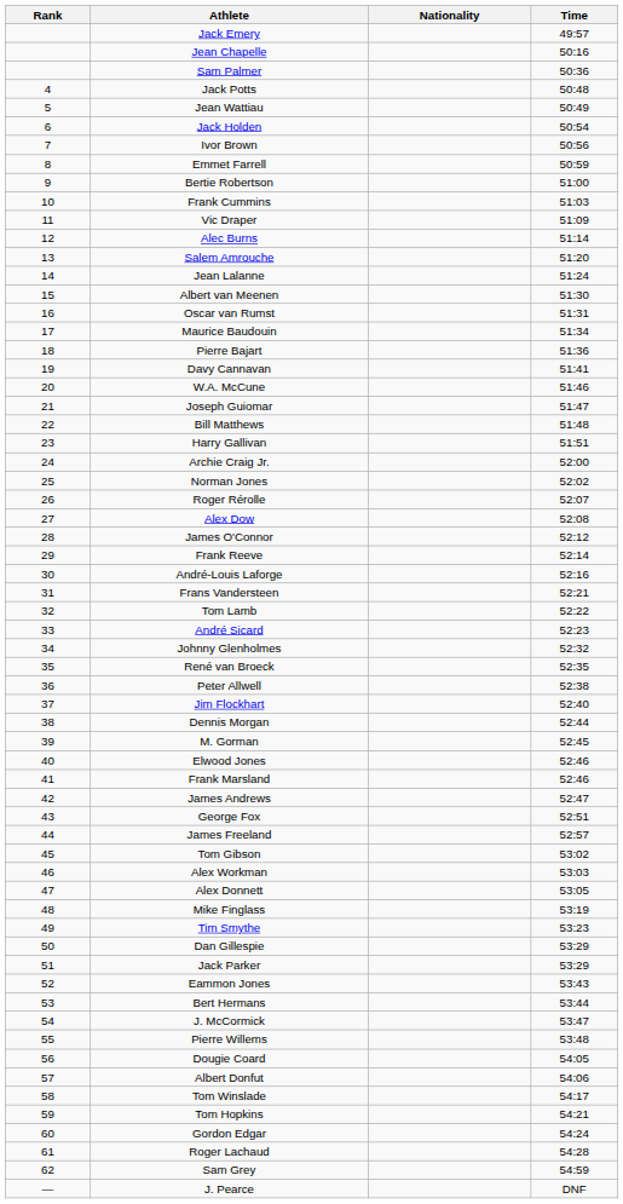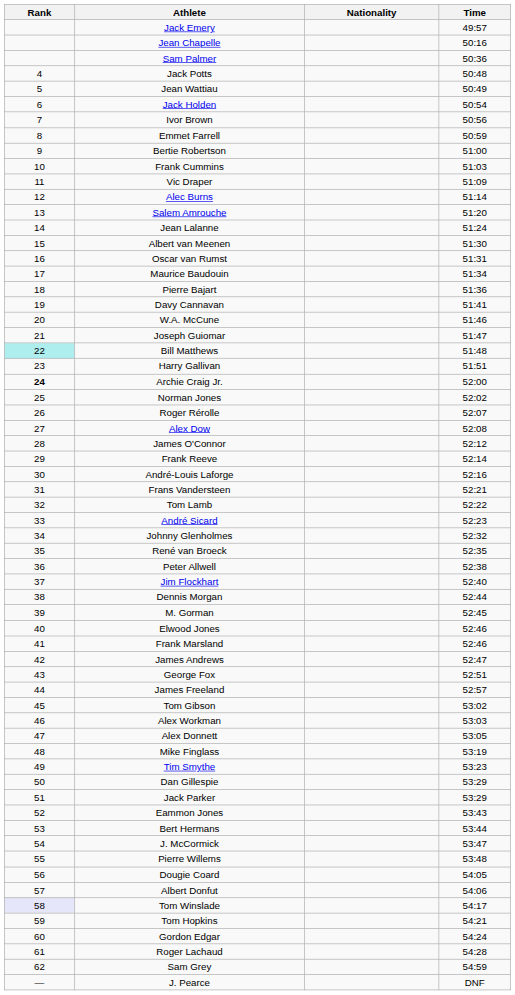 <table class="wikitable sortable" style=" text-align:center; font-size:95%;" width="50%">
 <tr>
 <th>Rank</th>
 <th>Athlete</th>
 <th>Nationality</th>
 <th>Time</th>
 </tr>
 <tr>
 <td align=center></td>
 <td><a href='#'>Jack Emery</a></td>
 <td></td>
 <td>49:57</td>
 </tr>
 <tr>
 <td align=center></td>
 <td><a href='#'>Jean Chapelle</a></td>
 <td></td>
 <td>50:16</td>
 </tr>
 <tr>
 <td align=center></td>
 <td><a href='#'>Sam Palmer</a></td>
 <td></td>
 <td>50:36</td>
 </tr>
 <tr>
 <td align=center>4</td>
 <td>Jack Potts</td>
 <td></td>
 <td>50:48</td>
 </tr>
 <tr>
 <td align=center>5</td>
 <td>Jean Wattiau</td>
 <td></td>
 <td>50:49</td>
 </tr>
 <tr>
 <td align=center>6</td>
 <td><a href='#'>Jack Holden</a></td>
 <td></td>
 <td>50:54</td>
 </tr>
 <tr>
 <td align=center>7</td>
 <td>Ivor Brown</td>
 <td></td>
 <td>50:56</td>
 </tr>
 <tr>
 <td align=center>8</td>
 <td>Emmet Farrell</td>
 <td></td>
 <td>50:59</td>
 </tr>
 <tr>
 <td align=center>9</td>
 <td>Bertie Robertson</td>
 <td></td>
 <td>51:00</td>
 </tr>
 <tr>
 <td align=center>10</td>
 <td>Frank Cummins</td>
 <td></td>
 <td>51:03</td>
 </tr>
 <tr>
 <td align=center>11</td>
 <td>Vic Draper</td>
 <td></td>
 <td>51:09</td>
 </tr>
 <tr>
 <td align=center>12</td>
 <td><a href='#'>Alec Burns</a></td>
 <td></td>
 <td>51:14</td>
 </tr>
 <tr>
 <td align=center>13</td>
 <td><a href='#'>Salem Amrouche</a></td>
 <td></td>
 <td>51:20</td>
 </tr>
 <tr>
 <td align=center>14</td>
 <td>Jean Lalanne</td>
 <td></td>
 <td>51:24</td>
 </tr>
 <tr>
 <td align=center>15</td>
 <td>Albert van Meenen</td>
 <td></td>
 <td>51:30</td>
 </tr>
 <tr>
 <td align=center>16</td>
 <td>Oscar van Rumst</td>
 <td></td>
 <td>51:31</td>
 </tr>
 <tr>
 <td align=center>17</td>
 <td>Maurice Baudouin</td>
 <td></td>
 <td>51:34</td>
 </tr>
 <tr>
 <td align=center>18</td>
 <td>Pierre Bajart</td>
 <td></td>
 <td>51:36</td>
 </tr>
 <tr>
 <td align=center>19</td>
 <td>Davy Cannavan</td>
 <td></td>
 <td>51:41</td>
 </tr>
 <tr>
 <td align=center>20</td>
 <td>W.A. McCune</td>
 <td></td>
 <td>51:46</td>
 </tr>
 <tr>
 <td align=center>21</td>
 <td>Joseph Guiomar</td>
 <td></td>
 <td>51:47</td>
 </tr>
 <tr>
-<td align=center>22</td>
+<td align=center style="background: paleturquoise;">22</td>
 <td>Bill Matthews</td>
 <td></td>
 <td>51:48</td>
 </tr>
 <tr>
 <td align=center>23</td>
 <td>Harry Gallivan</td>
 <td></td>
 <td>51:51</td>
 </tr>
 <tr>
-<td align=center>24</td>
+<td align=center><strong>24</strong></td>
 <td>Archie Craig Jr.</td>
 <td></td>
 <td>52:00</td>
 </tr>
 <tr>
 <td align=center>25</td>
 <td>Norman Jones</td>
 <td></td>
 <td>52:02</td>
 </tr>
 <tr>
 <td align=center>26</td>
 <td>Roger Rérolle</td>
 <td></td>
 <td>52:07</td>
 </tr>
 <tr>
 <td align=center>27</td>
 <td><a href='#'>Alex Dow</a></td>
 <td></td>
 <td>52:08</td>
 </tr>
 <tr>
 <td align=center>28</td>
 <td>James O'Connor</td>
 <td></td>
 <td>52:12</td>
 </tr>
 <tr>
 <td align=center>29</td>
 <td>Frank Reeve</td>
 <td></td>
 <td>52:14</td>
 </tr>
 <tr>
 <td align=center>30</td>
 <td>André-Louis Laforge</td>
 <td></td>
 <td>52:16</td>
 </tr>
 <tr>
 <td align=center>31</td>
 <td>Frans Vandersteen</td>
 <td></td>
 <td>52:21</td>
 </tr>
 <tr>
 <td align=center>32</td>
 <td>Tom Lamb</td>
 <td></td>
 <td>52:22</td>
 </tr>
 <tr>
 <td align=center>33</td>
 <td><a href='#'>André Sicard</a></td>
 <td></td>
 <td>52:23</td>
 </tr>
 <tr>
 <td align=center>34</td>
 <td>Johnny Glenholmes</td>
 <td></td>
 <td>52:32</td>
 </tr>
 <tr>
 <td align=center>35</td>
 <td>René van Broeck</td>
 <td></td>
 <td>52:35</td>
 </tr>
 <tr>
 <td align=center>36</td>
 <td>Peter Allwell</td>
 <td></td>
 <td>52:38</td>
 </tr>
 <tr>
 <td align=center>37</td>
 <td><a href='#'>Jim Flockhart</a></td>
 <td></td>
 <td>52:40</td>
 </tr>
 <tr>
 <td align=center>38</td>
 <td>Dennis Morgan</td>
 <td></td>
 <td>52:44</td>
 </tr>
 <tr>
 <td align=center>39</td>
 <td>M. Gorman</td>
 <td></td>
 <td>52:45</td>
 </tr>
 <tr>
 <td align=center>40</td>
 <td>Elwood Jones</td>
 <td></td>
 <td>52:46</td>
 </tr>
 <tr>
 <td align=center>41</td>
 <td>Frank Marsland</td>
 <td></td>
 <td>52:46</td>
 </tr>
 <tr>
 <td align=center>42</td>
 <td>James Andrews</td>
 <td></td>
 <td>52:47</td>
 </tr>
 <tr>
 <td align=center>43</td>
 <td>George Fox</td>
 <td></td>
 <td>52:51</td>
 </tr>
 <tr>
 <td align=center>44</td>
 <td>James Freeland</td>
 <td></td>
 <td>52:57</td>
 </tr>
 <tr>
 <td align=center>45</td>
 <td>Tom Gibson</td>
 <td></td>
 <td>53:02</td>
 </tr>
 <tr>
 <td align=center>46</td>
 <td>Alex Workman</td>
 <td></td>
 <td>53:03</td>
 </tr>
 <tr>
 <td align=center>47</td>
 <td>Alex Donnett</td>
 <td></td>
 <td>53:05</td>
 </tr>
 <tr>
 <td align=center>48</td>
 <td>Mike Finglass</td>
 <td></td>
 <td>53:19</td>
 </tr>
 <tr>
 <td align=center>49</td>
 <td><a href='#'>Tim Smythe</a></td>
 <td></td>
 <td>53:23</td>
 </tr>
 <tr>
 <td align=center>50</td>
 <td>Dan Gillespie</td>
 <td></td>
 <td>53:29</td>
 </tr>
 <tr>
 <td align=center>51</td>
 <td>Jack Parker</td>
 <td></td>
 <td>53:29</td>
 </tr>
 <tr>
 <td align=center>52</td>
 <td>Eammon Jones</td>
 <td></td>
 <td>53:43</td>
 </tr>
 <tr>
 <td align=center>53</td>
 <td>Bert Hermans</td>
 <td></td>
 <td>53:44</td>
 </tr>
 <tr>
 <td align=center>54</td>
 <td>J. McCormick</td>
 <td></td>
 <td>53:47</td>
 </tr>
 <tr>
 <td align=center>55</td>
 <td>Pierre Willems</td>
 <td></td>
 <td>53:48</td>
 </tr>
 <tr>
 <td align=center>56</td>
 <td>Dougie Coard</td>
 <td></td>
 <td>54:05</td>
 </tr>
 <tr>
 <td align=center>57</td>
 <td>Albert Donfut</td>
 <td></td>
 <td>54:06</td>
 </tr>
 <tr>
-<td align=center>58</td>
+<td align=center style="background: lavender;">58</td>
 <td>Tom Winslade</td>
 <td></td>
 <td>54:17</td>
 </tr>
 <tr>
 <td align=center>59</td>
 <td>Tom Hopkins</td>
 <td></td>
 <td>54:21</td>
 </tr>
 <tr>
 <td align=center>60</td>
 <td>Gordon Edgar</td>
 <td></td>
 <td>54:24</td>
 </tr>
 <tr>
 <td align=center>61</td>
 <td>Roger Lachaud</td>
 <td></td>
 <td>54:28</td>
 </tr>
 <tr>
 <td align=center>62</td>
 <td>Sam Grey</td>
 <td></td>
 <td>54:59</td>
 </tr>
 <tr>
 <td align=center>—</td>
 <td>J. Pearce</td>
 <td></td>
 <td>DNF</td>
 </tr>
 </table>
